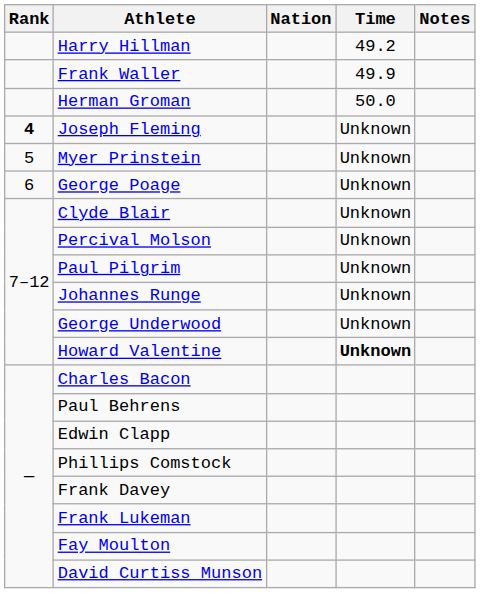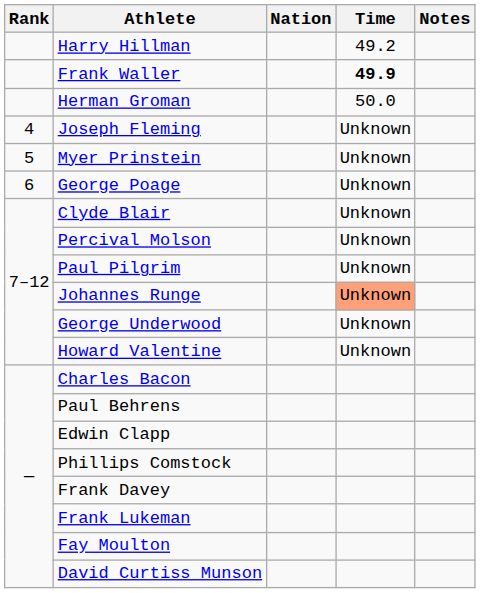 <table class="wikitable sortable" style="text-align:center">
 <tr>
 <th>Rank</th>
 <th>Athlete</th>
 <th>Nation</th>
 <th>Time</th>
 <th>Notes</th>
 </tr>
 <tr>
 <td></td>
 <td align=left data-sort-value="Hillman, Harry"><a href='#'>Harry Hillman</a></td>
 <td align=left></td>
 <td>49.2</td>
 <td></td>
 </tr>
 <tr>
 <td></td>
 <td align=left data-sort-value="Waller, Frank"><a href='#'>Frank Waller</a></td>
 <td align=left></td>
-<td>49.9</td>
+<td><strong>49.9</strong></td>
 <td></td>
 </tr>
 <tr>
 <td></td>
 <td align=left data-sort-value="Groman, Herman"><a href='#'>Herman Groman</a></td>
 <td align=left></td>
 <td>50.0</td>
 <td></td>
 </tr>
 <tr>
-<td><strong>4</strong></td>
+<td>4</td>
 <td align=left data-sort-value="Fleming, Joseph"><a href='#'>Joseph Fleming</a></td>
 <td align=left></td>
 <td data-sort-value=88.8>Unknown</td>
 <td></td>
 </tr>
 <tr>
 <td>5</td>
 <td align=left data-sort-value="Prinstein, Myer"><a href='#'>Myer Prinstein</a></td>
 <td align=left></td>
 <td data-sort-value=88.8>Unknown</td>
 <td></td>
 </tr>
 <tr>
 <td>6</td>
 <td align=left data-sort-value="Poage, George"><a href='#'>George Poage</a></td>
 <td align=left></td>
 <td data-sort-value=88.8>Unknown</td>
 <td></td>
 </tr>
 <tr>
 <td rowspan=6 data-sort-value=7>7–12</td>
 <td align=left data-sort-value="Blair, Clyde"><a href='#'>Clyde Blair</a></td>
 <td align=left></td>
 <td data-sort-value=88.8>Unknown</td>
 <td></td>
 </tr>
 <tr>
 <td align=left data-sort-value="Molson, Percival"><a href='#'>Percival Molson</a></td>
 <td align=left></td>
 <td data-sort-value=88.8>Unknown</td>
 <td></td>
 </tr>
 <tr>
 <td align=left data-sort-value="Pilgrim, Paul"><a href='#'>Paul Pilgrim</a></td>
 <td align=left></td>
 <td data-sort-value=88.8>Unknown</td>
 <td></td>
 </tr>
 <tr>
 <td align=left data-sort-value="Runge, Johannes"><a href='#'>Johannes Runge</a></td>
 <td align=left></td>
-<td data-sort-value=88.8>Unknown</td>
+<td data-sort-value=88.8 style="background: lightsalmon;">Unknown</td>
 <td></td>
 </tr>
 <tr>
 <td align=left data-sort-value="Underwood, George"><a href='#'>George Underwood</a></td>
 <td align=left></td>
 <td data-sort-value=88.8>Unknown</td>
 <td></td>
 </tr>
 <tr>
 <td align=left data-sort-value="Valentine, Howard"><a href='#'>Howard Valentine</a></td>
 <td align=left></td>
-<td data-sort-value=88.8><strong>Unknown</strong></td>
+<td data-sort-value=88.8>Unknown</td>
 <td></td>
 </tr>
 <tr>
 <td rowspan=8 data-sort-value=13>—</td>
 <td align=left data-sort-value=Bacon><a href='#'>Charles Bacon</a></td>
 <td align=left></td>
 <td data-sort-value=99.9></td>
 <td></td>
 </tr>
 <tr>
 <td align=left data-sort-value=Behrens>Paul Behrens</td>
 <td align=left></td>
 <td data-sort-value=99.9></td>
 <td></td>
 </tr>
 <tr>
 <td align=left data-sort-value=Clapp>Edwin Clapp</td>
 <td align=left></td>
 <td data-sort-value=99.9></td>
 <td></td>
 </tr>
 <tr>
 <td align=left data-sort-value=Comstock>Phillips Comstock</td>
 <td align=left></td>
 <td data-sort-value=99.9></td>
 <td></td>
 </tr>
 <tr>
 <td align=left data-sort-value=Davey>Frank Davey</td>
 <td align=left></td>
 <td data-sort-value=99.9></td>
 <td></td>
 </tr>
 <tr>
 <td align=left data-sort-value=Lukeman><a href='#'>Frank Lukeman</a></td>
 <td align=left></td>
 <td data-sort-value=99.9></td>
 <td></td>
 </tr>
 <tr>
 <td align=left data-sort-value=Moulton><a href='#'>Fay Moulton</a></td>
 <td align=left></td>
 <td data-sort-value=99.9></td>
 <td></td>
 </tr>
 <tr>
 <td align=left data-sort-value=Munson><a href='#'>David Curtiss Munson</a></td>
 <td align=left></td>
 <td data-sort-value=99.9></td>
 <td></td>
 </tr>
 </table>
